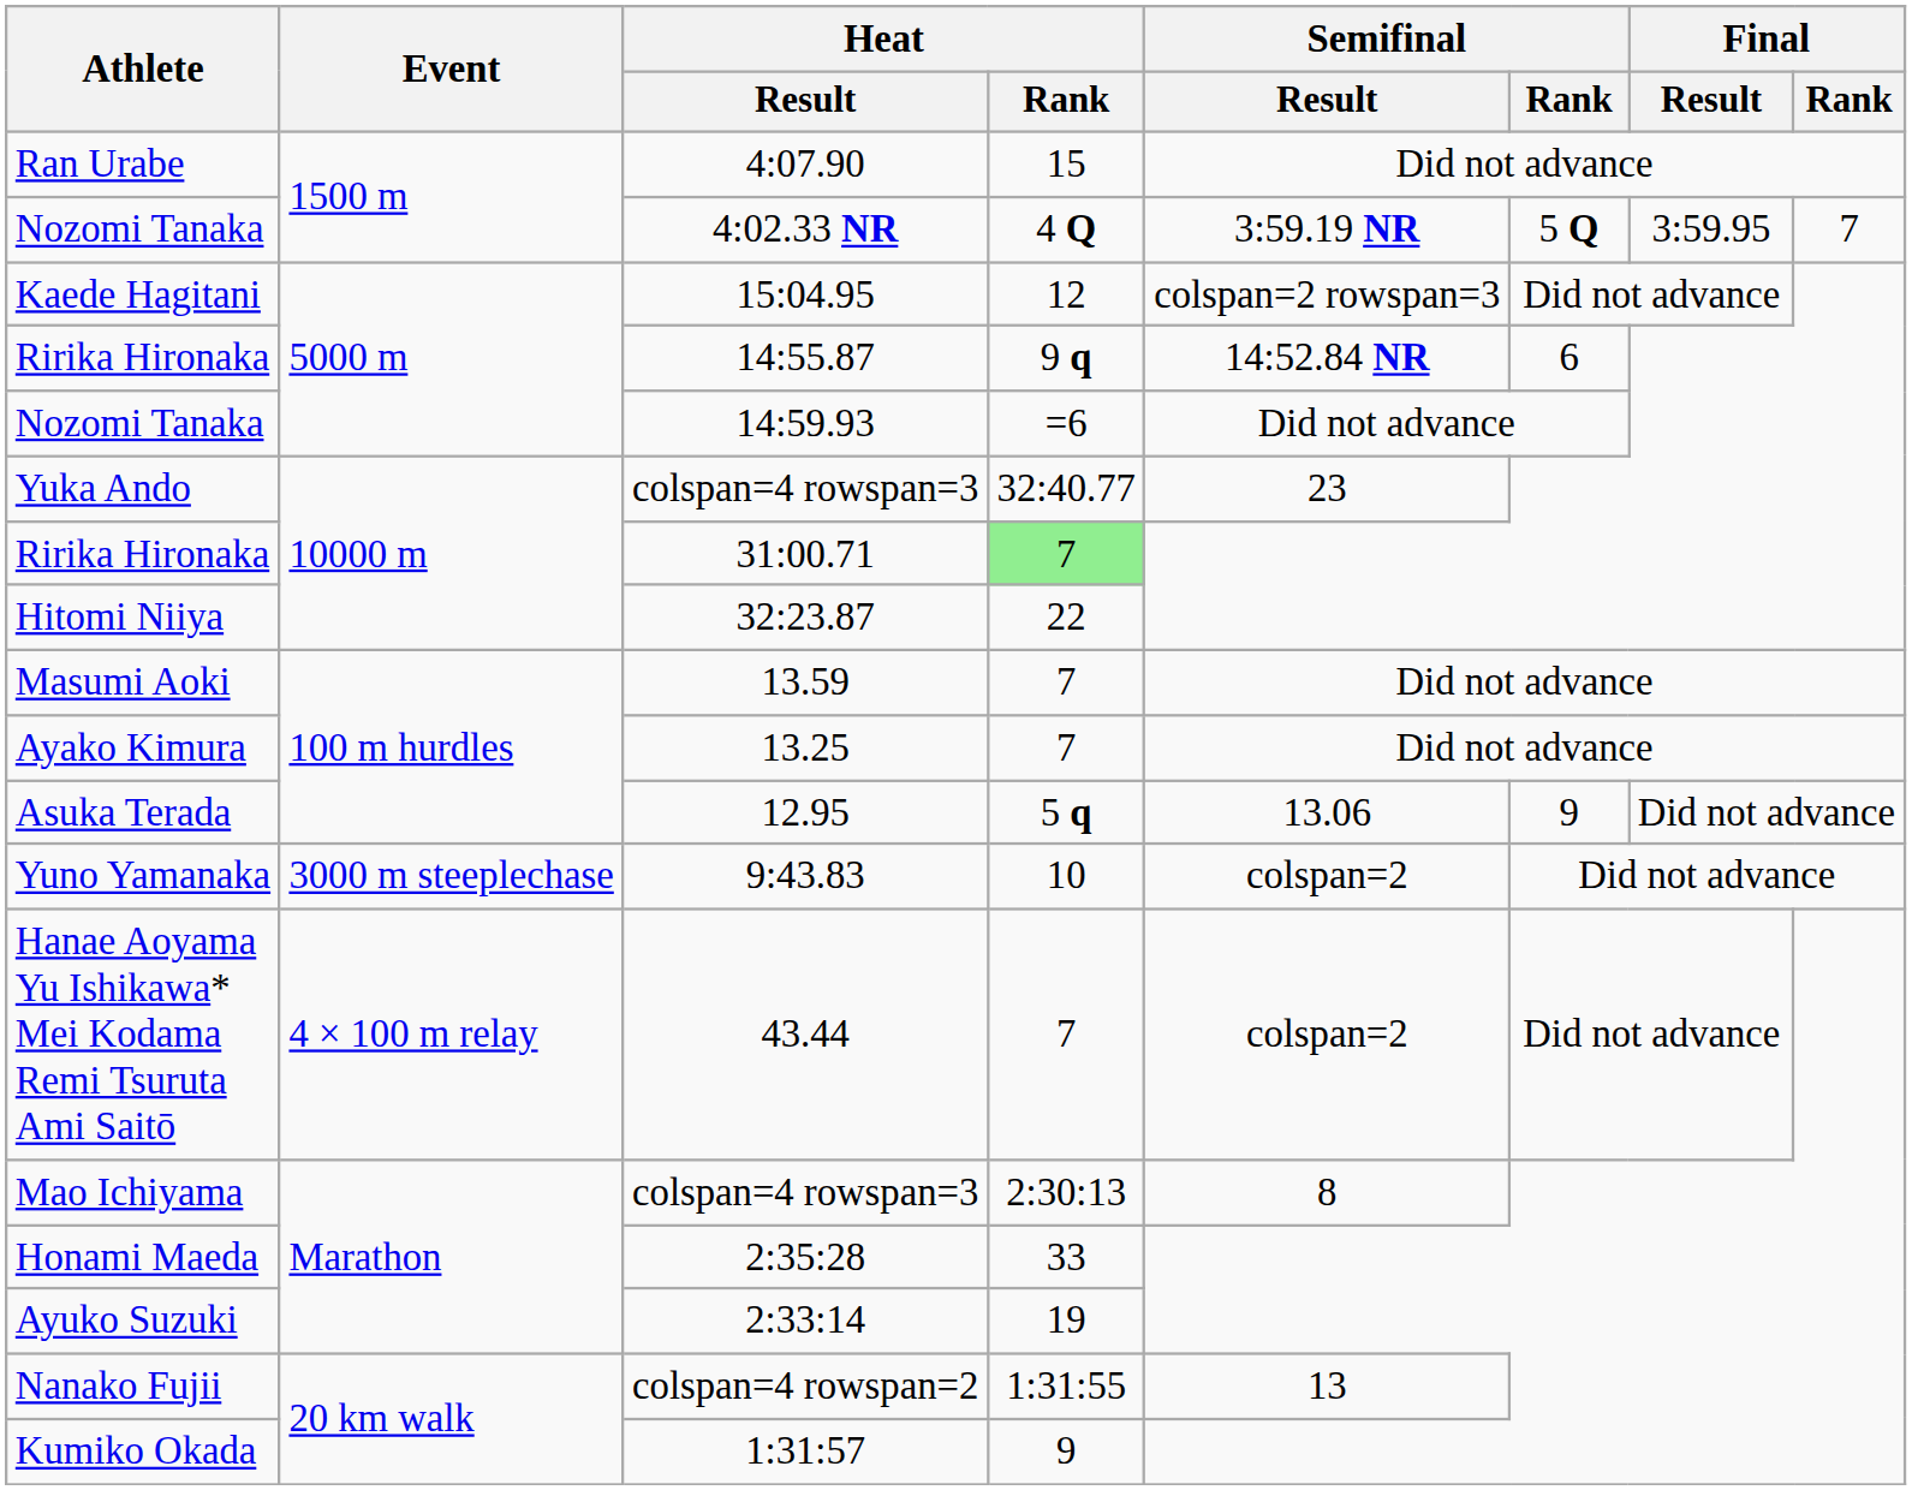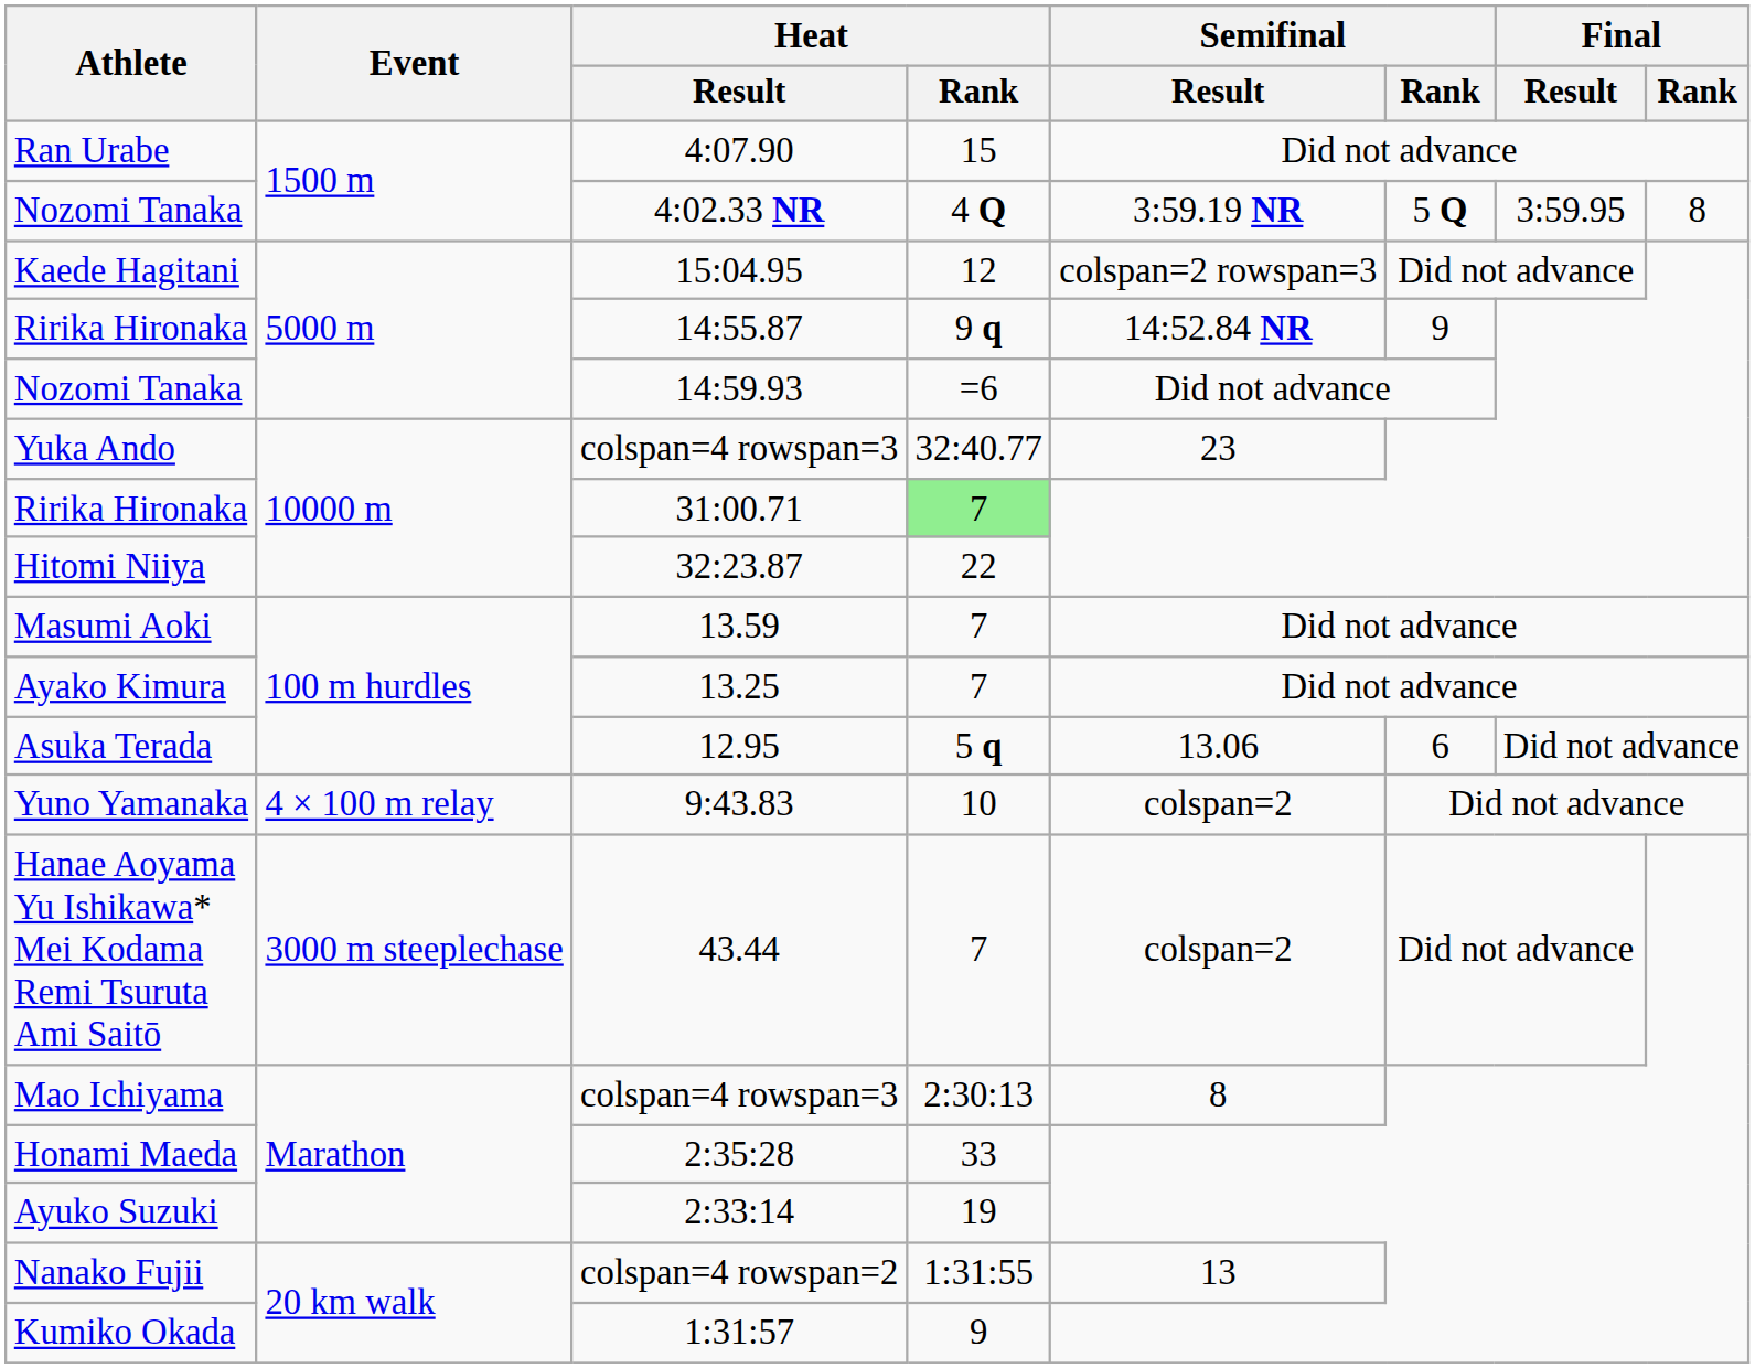 <table class="wikitable" style="font-size:90%">
 <tr>
 <th rowspan="2">Athlete</th>
 <th rowspan="2">Event</th>
 <th colspan="2">Heat</th>
 <th colspan="2">Semifinal</th>
 <th colspan="2">Final</th>
 </tr>
 <tr style="font-size:95%">
 <th>Result</th>
 <th>Rank</th>
 <th>Result</th>
 <th>Rank</th>
 <th>Result</th>
 <th>Rank</th>
 </tr>
 <tr align=center>
 <td align=left><a href='#'>Ran Urabe</a></td>
 <td align=left rowspan=2><a href='#'>1500 m</a></td>
 <td>4:07.90</td>
 <td>15</td>
 <td colspan="4">Did not advance</td>
 </tr>
 <tr align=center>
 <td align=left><a href='#'>Nozomi Tanaka</a></td>
 <td>4:02.33 <strong><a href='#'>NR</a></strong></td>
 <td>4 <strong>Q</strong></td>
 <td>3:59.19 <strong><a href='#'>NR</a></strong></td>
 <td>5 <strong>Q</strong></td>
 <td>3:59.95</td>
-<td>7</td>
+<td>8</td>
 </tr>
 <tr align=center>
 <td align=left><a href='#'>Kaede Hagitani</a></td>
 <td align=left rowspan=3><a href='#'>5000 m</a></td>
 <td>15:04.95</td>
 <td>12</td>
 <td>colspan=2 rowspan=3 </td>
 <td colspan="2">Did not advance</td>
 </tr>
 <tr align=center>
 <td align=left><a href='#'>Ririka Hironaka</a></td>
 <td>14:55.87</td>
 <td>9 <strong>q</strong></td>
 <td>14:52.84 <strong><a href='#'>NR</a></strong></td>
-<td>6</td>
+<td>9</td>
 </tr>
 <tr align=center>
 <td align=left><a href='#'>Nozomi Tanaka</a></td>
 <td>14:59.93</td>
 <td>=6</td>
 <td colspan="2">Did not advance</td>
 </tr>
 <tr align=center>
 <td align=left><a href='#'>Yuka Ando</a></td>
 <td align=left rowspan=3><a href='#'>10000 m</a></td>
 <td>colspan=4 rowspan=3 </td>
 <td>32:40.77</td>
 <td>23</td>
 </tr>
 <tr align=center>
 <td align=left><a href='#'>Ririka Hironaka</a></td>
 <td>31:00.71 <strong></strong></td>
 <td style="background: lightgreen;">7</td>
 </tr>
 <tr align=center>
 <td align=left><a href='#'>Hitomi Niiya</a></td>
 <td>32:23.87 <strong></strong></td>
 <td>22</td>
 </tr>
 <tr align=center>
 <td align=left><a href='#'>Masumi Aoki</a></td>
 <td align=left rowspan=3><a href='#'>100 m hurdles</a></td>
 <td>13.59</td>
 <td>7</td>
 <td colspan="4">Did not advance</td>
 </tr>
 <tr align=center>
 <td align=left><a href='#'>Ayako Kimura</a></td>
 <td>13.25</td>
 <td>7</td>
 <td colspan="4">Did not advance</td>
 </tr>
 <tr align=center>
 <td align=left><a href='#'>Asuka Terada</a></td>
 <td>12.95</td>
 <td>5 <strong>q</strong></td>
 <td>13.06</td>
-<td>9</td>
+<td>6</td>
 <td colspan="2">Did not advance</td>
 </tr>
 <tr align=center>
 <td align=left><a href='#'>Yuno Yamanaka</a></td>
-<td align=left><a href='#'>3000 m steeplechase</a></td>
+<td align=left><a href='#'>4 × 100 m relay</a></td>
 <td>9:43.83</td>
 <td>10</td>
 <td>colspan=2 </td>
 <td colspan="4">Did not advance</td>
 </tr>
 <tr align=center>
 <td align=left><a href='#'>Hanae Aoyama</a><br><a href='#'>Yu Ishikawa</a>*<br><a href='#'>Mei Kodama</a><br><a href='#'>Remi Tsuruta</a><br><a href='#'>Ami Saitō</a></td>
-<td align=left><a href='#'>4 × 100 m relay</a></td>
+<td align=left><a href='#'>3000 m steeplechase</a></td>
 <td>43.44</td>
 <td>7</td>
 <td>colspan=2 </td>
 <td colspan="2">Did not advance</td>
 </tr>
 <tr align=center>
 <td align=left><a href='#'>Mao Ichiyama</a></td>
 <td align=left rowspan=3><a href='#'>Marathon</a></td>
 <td>colspan=4 rowspan=3 </td>
 <td>2:30:13</td>
 <td>8</td>
 </tr>
 <tr align=center>
 <td align=left><a href='#'>Honami Maeda</a></td>
 <td>2:35:28</td>
 <td>33</td>
 </tr>
 <tr align=center>
 <td align=left><a href='#'>Ayuko Suzuki</a></td>
 <td>2:33:14</td>
 <td>19</td>
 </tr>
 <tr align=center>
 <td align=left><a href='#'>Nanako Fujii</a></td>
 <td align=left rowspan=2><a href='#'>20 km walk</a></td>
 <td>colspan=4 rowspan=2 </td>
 <td>1:31:55</td>
 <td>13</td>
 </tr>
 <tr align=center>
 <td align=left><a href='#'>Kumiko Okada</a></td>
 <td>1:31:57</td>
 <td>9</td>
 </tr>
 </table>
